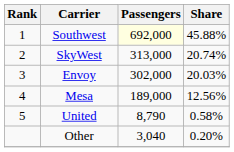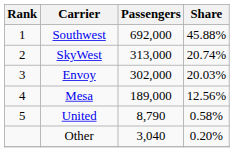 <table class="wikitable sortable" style="text-align: center;">
 <tr>
 <th>Rank</th>
 <th style="width:90px;">Carrier</th>
 <th>Passengers</th>
 <th>Share</th>
 </tr>
 <tr>
 <td>1</td>
 <td><a href='#'>Southwest</a></td>
-<td style="background: lightyellow;">692,000</td>
+<td>692,000</td>
 <td>45.88%</td>
 </tr>
 <tr>
 <td>2</td>
 <td><a href='#'>SkyWest</a></td>
 <td>313,000</td>
 <td>20.74%</td>
 </tr>
 <tr>
 <td>3</td>
 <td><a href='#'>Envoy</a></td>
 <td>302,000</td>
 <td>20.03%</td>
 </tr>
 <tr>
 <td>4</td>
 <td><a href='#'>Mesa</a></td>
 <td>189,000</td>
 <td>12.56%</td>
 </tr>
 <tr>
 <td>5</td>
 <td><a href='#'>United</a></td>
 <td>8,790</td>
 <td>0.58%</td>
 </tr>
 <tr>
 <td></td>
 <td>Other</td>
 <td>3,040</td>
 <td>0.20%</td>
 </tr>
 <tr>
 </tr>
 </table>
